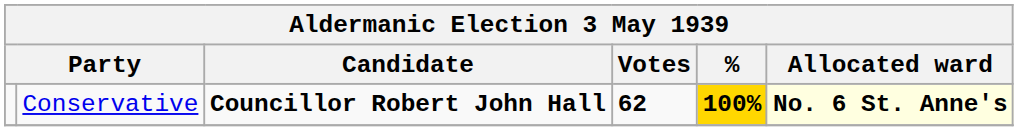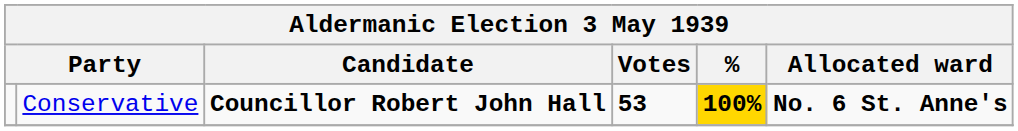 <table class="wikitable">
 <tr>
 <th colspan="6"><strong>Aldermanic Election 3 May 1939</strong></th>
 </tr>
 <tr>
 <th colspan="2">Party</th>
 <th>Candidate</th>
 <th>Votes</th>
 <th>%</th>
 <th>Allocated ward</th>
 </tr>
 <tr>
 <td style="background-color:"></td>
 <td><a href='#'>Conservative</a></td>
 <td><strong>Councillor Robert John Hall</strong></td>
-<td><strong>62</strong></td>
+<td><strong>53</strong></td>
 <td style="background: gold;"><strong>100%</strong></td>
-<td style="background: lightyellow;"><strong>No. 6 St. Anne's</strong></td>
+<td><strong>No. 6 St. Anne's</strong></td>
 </tr>
 <tr>
 </tr>
 </table>
